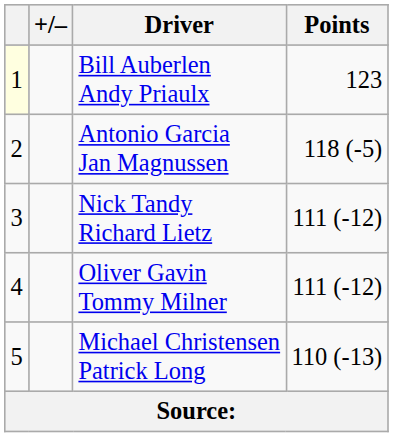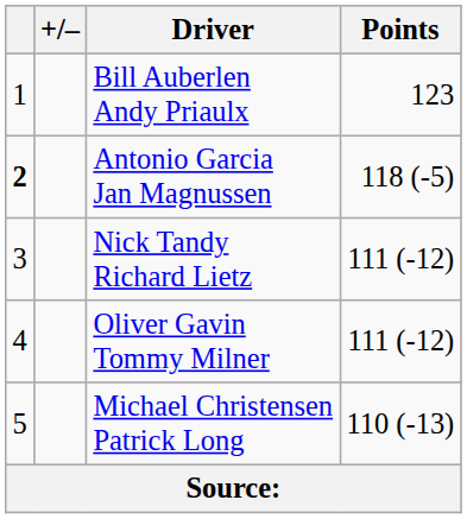 <table class="wikitable" style="font-size: 95%;">
 <tr>
 <th scope="col"></th>
 <th scope="col">+/–</th>
 <th scope="col">Driver</th>
 <th scope="col">Points</th>
 </tr>
 <tr>
-<td align=center style="background: lightyellow;">1</td>
+<td align=center>1</td>
 <td align="left"></td>
 <td> <a href='#'>Bill Auberlen</a><br> <a href='#'>Andy Priaulx</a></td>
 <td align=right>123</td>
 </tr>
 <tr>
-<td align=center>2</td>
+<td align=center><strong>2</strong></td>
 <td align="left"></td>
 <td> <a href='#'>Antonio Garcia</a><br> <a href='#'>Jan Magnussen</a></td>
 <td align=right>118 (-5)</td>
 </tr>
 <tr>
 <td align=center>3</td>
 <td align="left"></td>
 <td> <a href='#'>Nick Tandy</a><br> <a href='#'>Richard Lietz</a></td>
 <td align=right>111 (-12)</td>
 </tr>
 <tr>
 <td align=center>4</td>
 <td align="left"></td>
 <td> <a href='#'>Oliver Gavin</a><br> <a href='#'>Tommy Milner</a></td>
 <td align=right>111 (-12)</td>
 </tr>
 <tr>
 <td align=center>5</td>
 <td align="left"></td>
 <td> <a href='#'>Michael Christensen</a><br> <a href='#'>Patrick Long</a></td>
 <td align=right>110 (-13)</td>
 </tr>
 <tr>
 <th colspan=5>Source:</th>
 </tr>
 </table>
